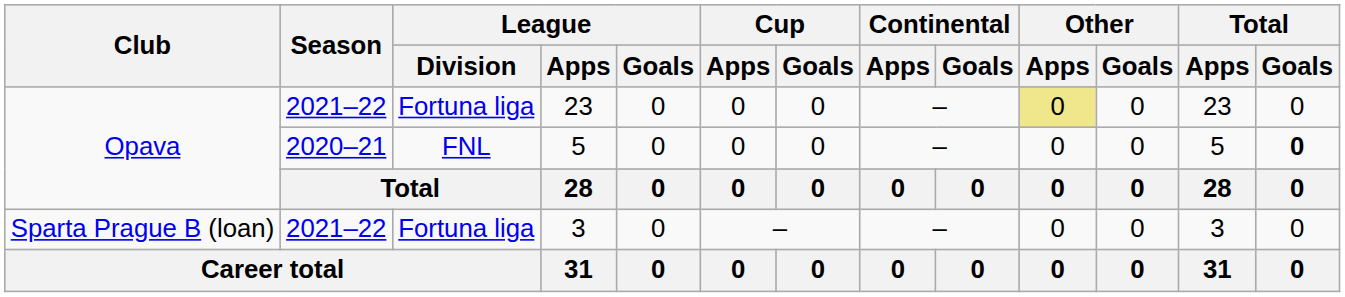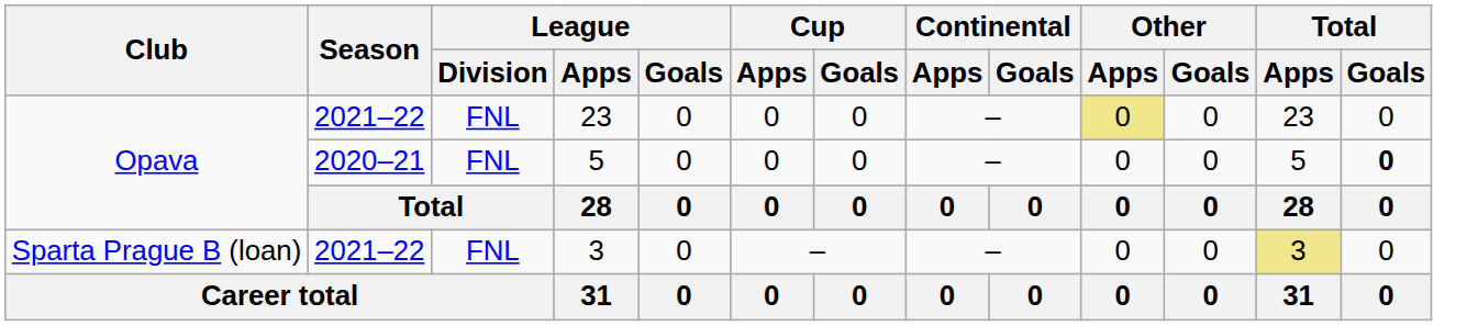 <table class="wikitable" style="text-align: center">
 <tr>
 <th rowspan="2">Club</th>
 <th rowspan="2">Season</th>
 <th colspan="3">League</th>
 <th colspan="2">Cup</th>
 <th colspan="2">Continental</th>
 <th colspan="2">Other</th>
 <th colspan="2">Total</th>
 </tr>
 <tr>
 <th>Division</th>
 <th>Apps</th>
 <th>Goals</th>
 <th>Apps</th>
 <th>Goals</th>
 <th>Apps</th>
 <th>Goals</th>
 <th>Apps</th>
 <th>Goals</th>
 <th>Apps</th>
 <th>Goals</th>
 </tr>
 <tr>
 <td rowspan="3"><a href='#'>Opava</a></td>
 <td><a href='#'>2021–22</a></td>
-<td><a href='#'>Fortuna liga</a></td>
+<td><a href='#'>FNL</a></td>
 <td>23</td>
 <td>0</td>
 <td>0</td>
 <td>0</td>
 <td colspan="2">–</td>
 <td style="background: khaki;">0</td>
 <td>0</td>
 <td>23</td>
 <td>0</td>
 </tr>
 <tr>
 <td><a href='#'>2020–21</a></td>
 <td><a href='#'>FNL</a></td>
 <td>5</td>
 <td>0</td>
 <td>0</td>
 <td>0</td>
 <td colspan="2">–</td>
 <td>0</td>
 <td>0</td>
 <td>5</td>
 <td><strong>0</strong></td>
 </tr>
 <tr>
 <th colspan="2"><strong>Total</strong></th>
 <th>28</th>
 <th>0</th>
 <th>0</th>
 <th>0</th>
 <th>0</th>
 <th>0</th>
 <th>0</th>
 <th>0</th>
 <th>28</th>
 <th>0</th>
 </tr>
 <tr>
 <td><a href='#'>Sparta Prague B</a> (loan)</td>
 <td><a href='#'>2021–22</a></td>
-<td><a href='#'>Fortuna liga</a></td>
+<td><a href='#'>FNL</a></td>
 <td>3</td>
 <td>0</td>
 <td colspan="2">–</td>
 <td colspan="2">–</td>
 <td>0</td>
 <td>0</td>
-<td>3</td>
+<td style="background: khaki;">3</td>
 <td>0</td>
 </tr>
 <tr>
 <th colspan="3"><strong>Career total</strong></th>
 <th>31</th>
 <th>0</th>
 <th>0</th>
 <th>0</th>
 <th>0</th>
 <th>0</th>
 <th>0</th>
 <th>0</th>
 <th>31</th>
 <th>0</th>
 </tr>
 </table>
